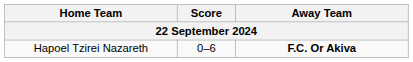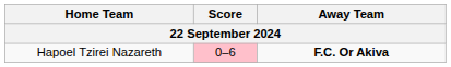 <table class="wikitable" style="text-align:center;">
 <tr>
 <th scope="col" width="240px">Home Team</th>
 <th scope="col" width="75px">Score</th>
 <th scope="col" width="240px">Away Team</th>
 </tr>
 <tr>
 <th colspan=3>22 September 2024</th>
 </tr>
 <tr>
 <td>Hapoel Tzirei Nazareth</td>
-<td>0–6</td>
+<td style="background: pink;">0–6</td>
 <td><strong>F.C. Or Akiva</strong></td>
 </tr>
 </table>
